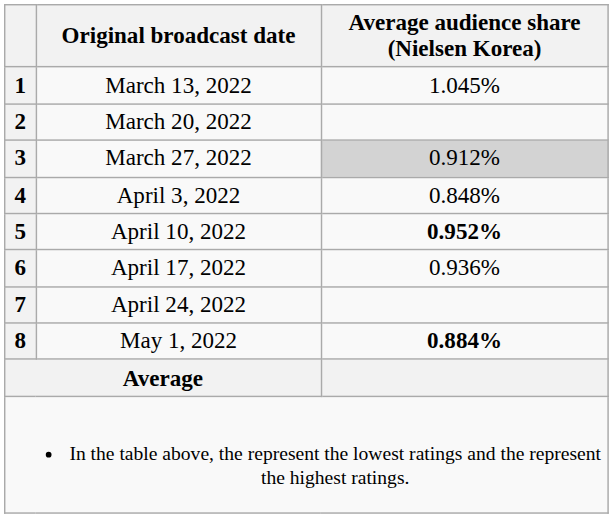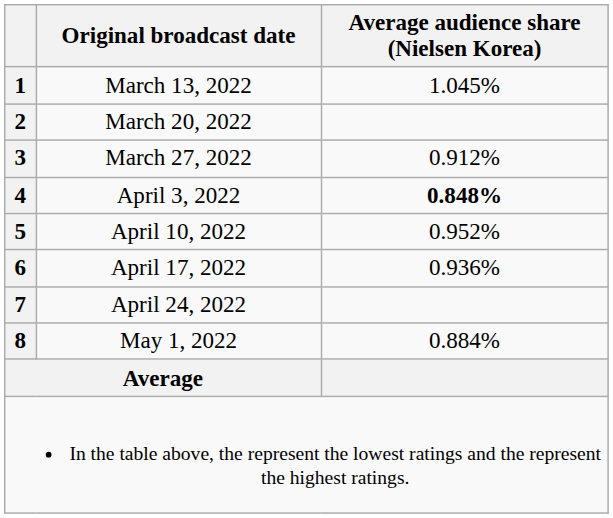 <table class="wikitable" style="width:420px; text-align:center">
 <tr>
 <th scope="col"></th>
 <th scope="col">Original broadcast date</th>
 <th scope="col" style="width:12em">Average audience share<br>(Nielsen Korea)</th>
 </tr>
 <tr>
 <th scope="col">1</th>
 <td>March 13, 2022</td>
 <td>1.045% </td>
 </tr>
 <tr>
 <th scope="col">2</th>
 <td>March 20, 2022</td>
 <td> </td>
 </tr>
 <tr>
 <th scope="col">3</th>
 <td>March 27, 2022</td>
-<td style="background: lightgrey;">0.912% </td>
+<td>0.912% </td>
 </tr>
 <tr>
 <th scope="col">4</th>
 <td>April 3, 2022</td>
-<td>0.848% </td>
+<td><strong>0.848% </strong></td>
 </tr>
 <tr>
 <th scope="col">5</th>
 <td>April 10, 2022</td>
-<td><strong>0.952% </strong></td>
+<td>0.952% </td>
 </tr>
 <tr>
 <th scope="col">6</th>
 <td>April 17, 2022</td>
 <td>0.936% </td>
 </tr>
 <tr>
 <th scope="col">7</th>
 <td>April 24, 2022</td>
 <td> </td>
 </tr>
 <tr>
 <th scope="col">8</th>
 <td>May 1, 2022</td>
-<td><strong>0.884% </strong></td>
+<td>0.884% </td>
 </tr>
 <tr>
 <th scope="col" colspan="2">Average</th>
 <th scope="col"></th>
 </tr>
 <tr>
 <td colspan="3" style="font-size:85%"><br><ul><li>In the table above, the <strong></strong> represent the lowest ratings and the <strong></strong> represent the highest ratings.</li></ul></td>
 </tr>
 </table>
